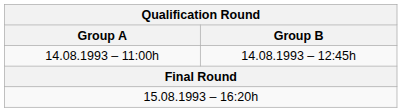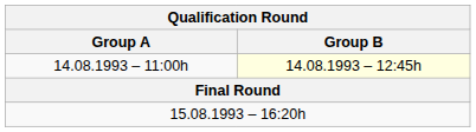 <table class="wikitable" style=" text-align:center; font-size:110%;" width="35%">
 <tr>
 <th colspan="2">Qualification Round</th>
 </tr>
 <tr>
 <th>Group A</th>
 <th>Group B</th>
 </tr>
 <tr>
 <td>14.08.1993 – 11:00h</td>
-<td>14.08.1993 – 12:45h</td>
+<td style="background: lightyellow;">14.08.1993 – 12:45h</td>
 </tr>
 <tr>
 <th colspan="2">Final Round</th>
 </tr>
 <tr>
 <td colspan="2">15.08.1993 – 16:20h</td>
 </tr>
 </table>
